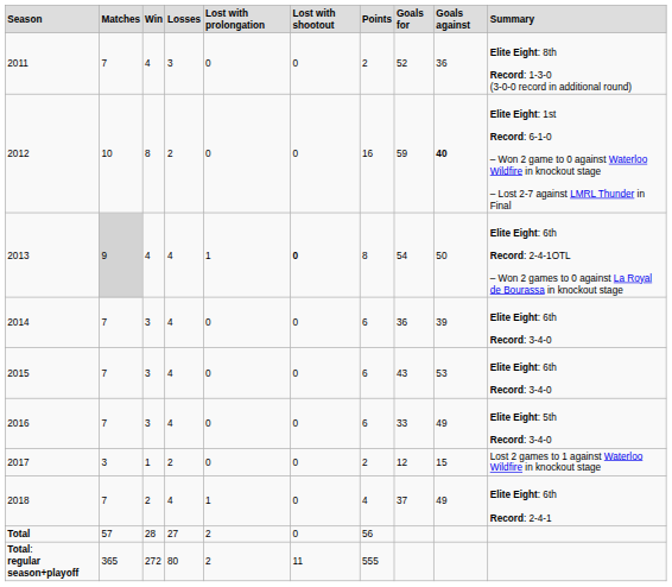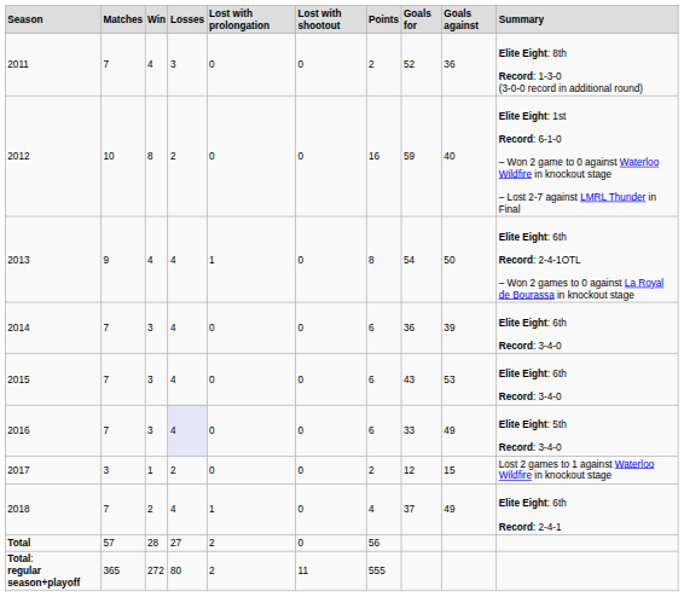 <table class="wikitable" style="text-align:left; font-size:80%;">
 <tr align="left" style="font-weight:bold; background-color:#dddddd;" |>
 <td align="left">Season</td>
 <td>Matches</td>
 <td>Win</td>
 <td>Losses</td>
 <td>Lost with prolongation</td>
 <td>Lost with shootout</td>
 <td>Points</td>
 <td>Goals for</td>
 <td>Goals against</td>
 <td>Summary</td>
 </tr>
 <tr align="Left">
 <td align="Left">2011</td>
 <td>7</td>
 <td>4</td>
 <td>3</td>
 <td>0</td>
 <td>0</td>
 <td>2</td>
 <td>52</td>
 <td>36</td>
 <td><br><strong>Elite Eight</strong>: 8th<br> <br> <strong>Record</strong>: 1-3-0 <br>(3-0-0 record in additional round)</td>
 </tr>
 <tr align="Left">
 <td align="Left">2012</td>
 <td>10</td>
 <td>8</td>
 <td>2</td>
 <td>0</td>
 <td>0</td>
 <td>16</td>
 <td>59</td>
-<td><strong>40</strong></td>
+<td>40</td>
 <td><br><strong>Elite Eight</strong>: 1st<br> <br><strong>Record</strong>: 6-1-0<br> <br> – Won 2 game to 0 against <a href='#'>Waterloo Wildfire</a> in knockout stage <br><br> – Lost 2-7 against <a href='#'>LMRL Thunder</a> in Final</td>
 </tr>
 <tr align="Left">
 <td align="Left">2013</td>
-<td style="background: lightgrey;">9</td>
+<td>9</td>
 <td>4</td>
 <td>4</td>
 <td>1</td>
-<td><strong>0</strong></td>
+<td>0</td>
 <td>8</td>
 <td>54</td>
 <td>50</td>
 <td><br><strong>Elite Eight</strong>: 6th<br> <br> <strong>Record</strong>: 2-4-1OTL<br> <br> – Won 2 games to 0 against <a href='#'>La Royal de Bourassa</a> in knockout stage</td>
 </tr>
 <tr align="Left">
 <td align="Left">2014</td>
 <td>7</td>
 <td>3</td>
 <td>4</td>
 <td>0</td>
 <td>0</td>
 <td>6</td>
 <td>36</td>
 <td>39</td>
 <td><br><strong>Elite Eight</strong>: 6th<br> <br><strong>Record</strong>: 3-4-0</td>
 </tr>
 <tr align="Left">
 <td align="Left">2015</td>
 <td>7</td>
 <td>3</td>
 <td>4</td>
 <td>0</td>
 <td>0</td>
 <td>6</td>
 <td>43</td>
 <td>53</td>
 <td><br><strong>Elite Eight</strong>: 6th<br> <br><strong>Record</strong>: 3-4-0</td>
 </tr>
 <tr align="Left">
 <td align="Left">2016</td>
 <td>7</td>
 <td>3</td>
-<td>4</td>
+<td style="background: lavender;">4</td>
 <td>0</td>
 <td>0</td>
 <td>6</td>
 <td>33</td>
 <td>49</td>
 <td><br><strong>Elite Eight</strong>: 5th<br> <br><strong>Record</strong>: 3-4-0</td>
 </tr>
 <tr align="Left">
 <td align="Left">2017</td>
 <td>3</td>
 <td>1</td>
 <td>2</td>
 <td>0</td>
 <td>0</td>
 <td>2</td>
 <td>12</td>
 <td>15</td>
 <td>Lost 2 games to 1 against <a href='#'>Waterloo Wildfire</a> in knockout stage</td>
 </tr>
 <tr align="Left">
 <td align="Left">2018</td>
 <td>7</td>
 <td>2</td>
 <td>4</td>
 <td>1</td>
 <td>0</td>
 <td>4</td>
 <td>37</td>
 <td>49</td>
 <td><br><strong>Elite Eight</strong>: 6th<br> <br><strong>Record</strong>: 2-4-1</td>
 </tr>
 <tr align="Left">
 <td align="Left"><strong>Total</strong></td>
 <td>57</td>
 <td>28</td>
 <td>27</td>
 <td>2</td>
 <td>0</td>
 <td>56</td>
 <td></td>
 <td></td>
 <td></td>
 </tr>
 <tr align="Left">
 <td align="Left"><strong>Total</strong>:<br><strong>regular season+playoff</strong></td>
 <td>365</td>
 <td>272</td>
 <td>80</td>
 <td>2</td>
 <td>11</td>
 <td>555</td>
 <td></td>
 <td></td>
 <td></td>
 </tr>
 </table>
